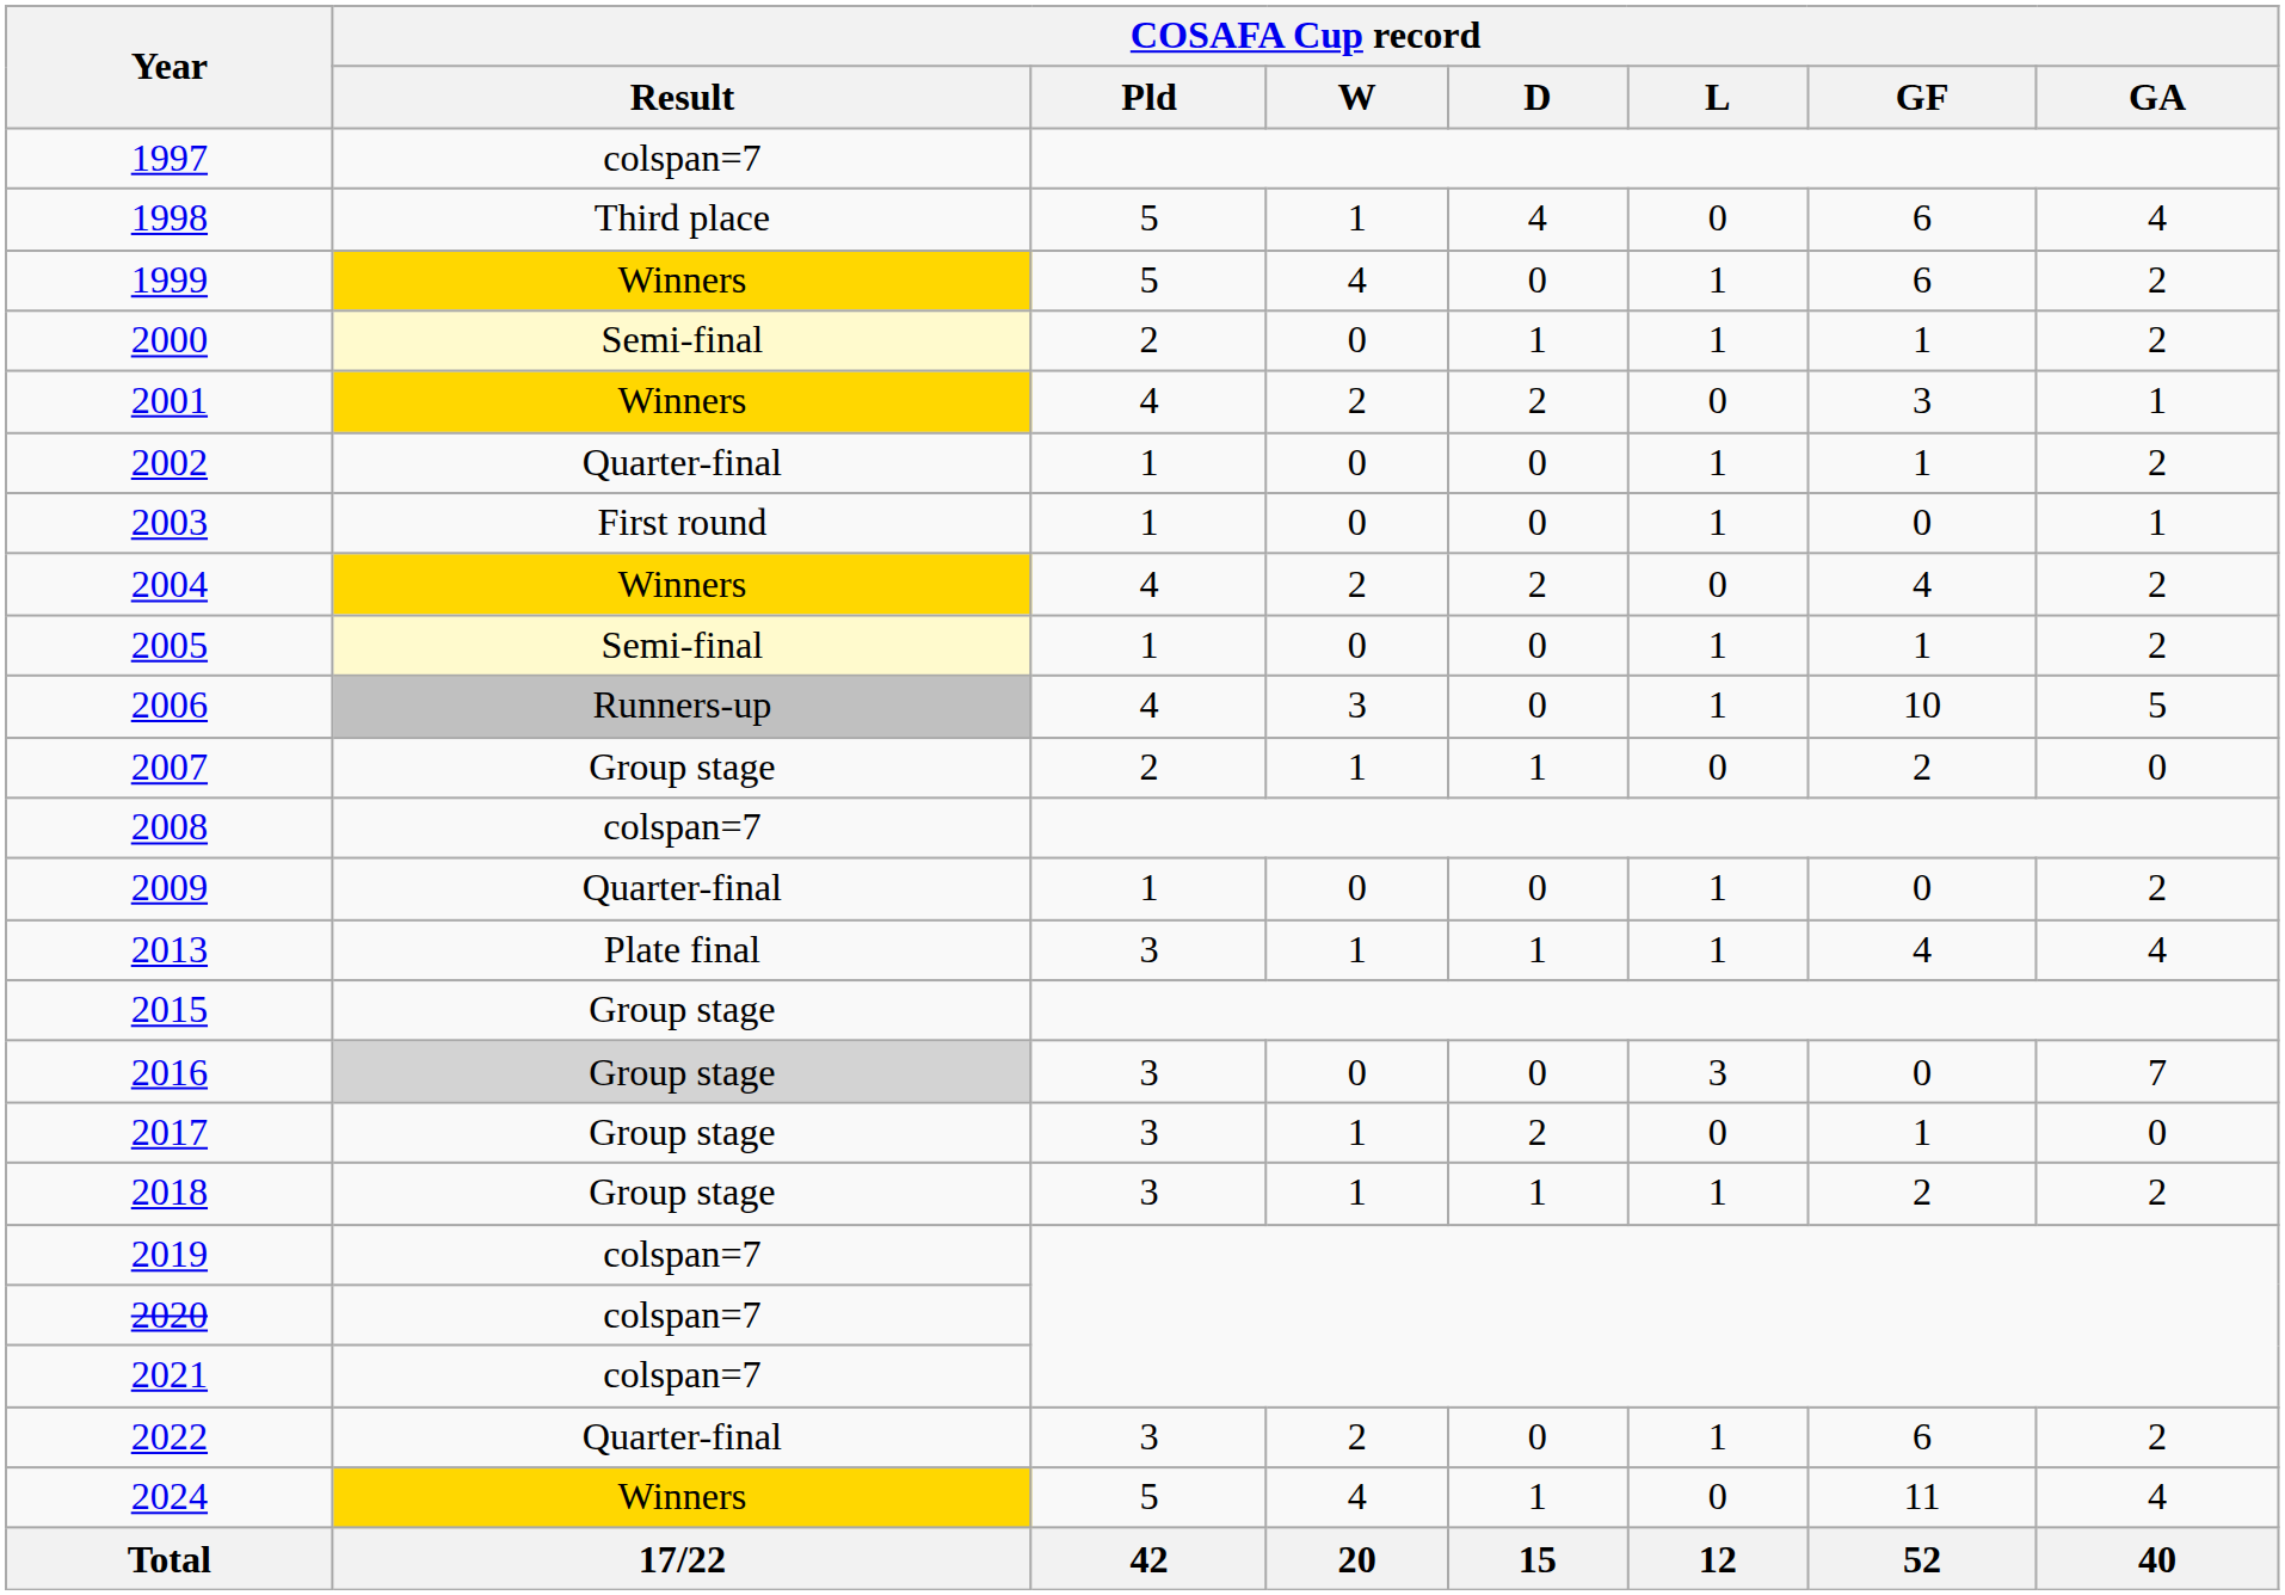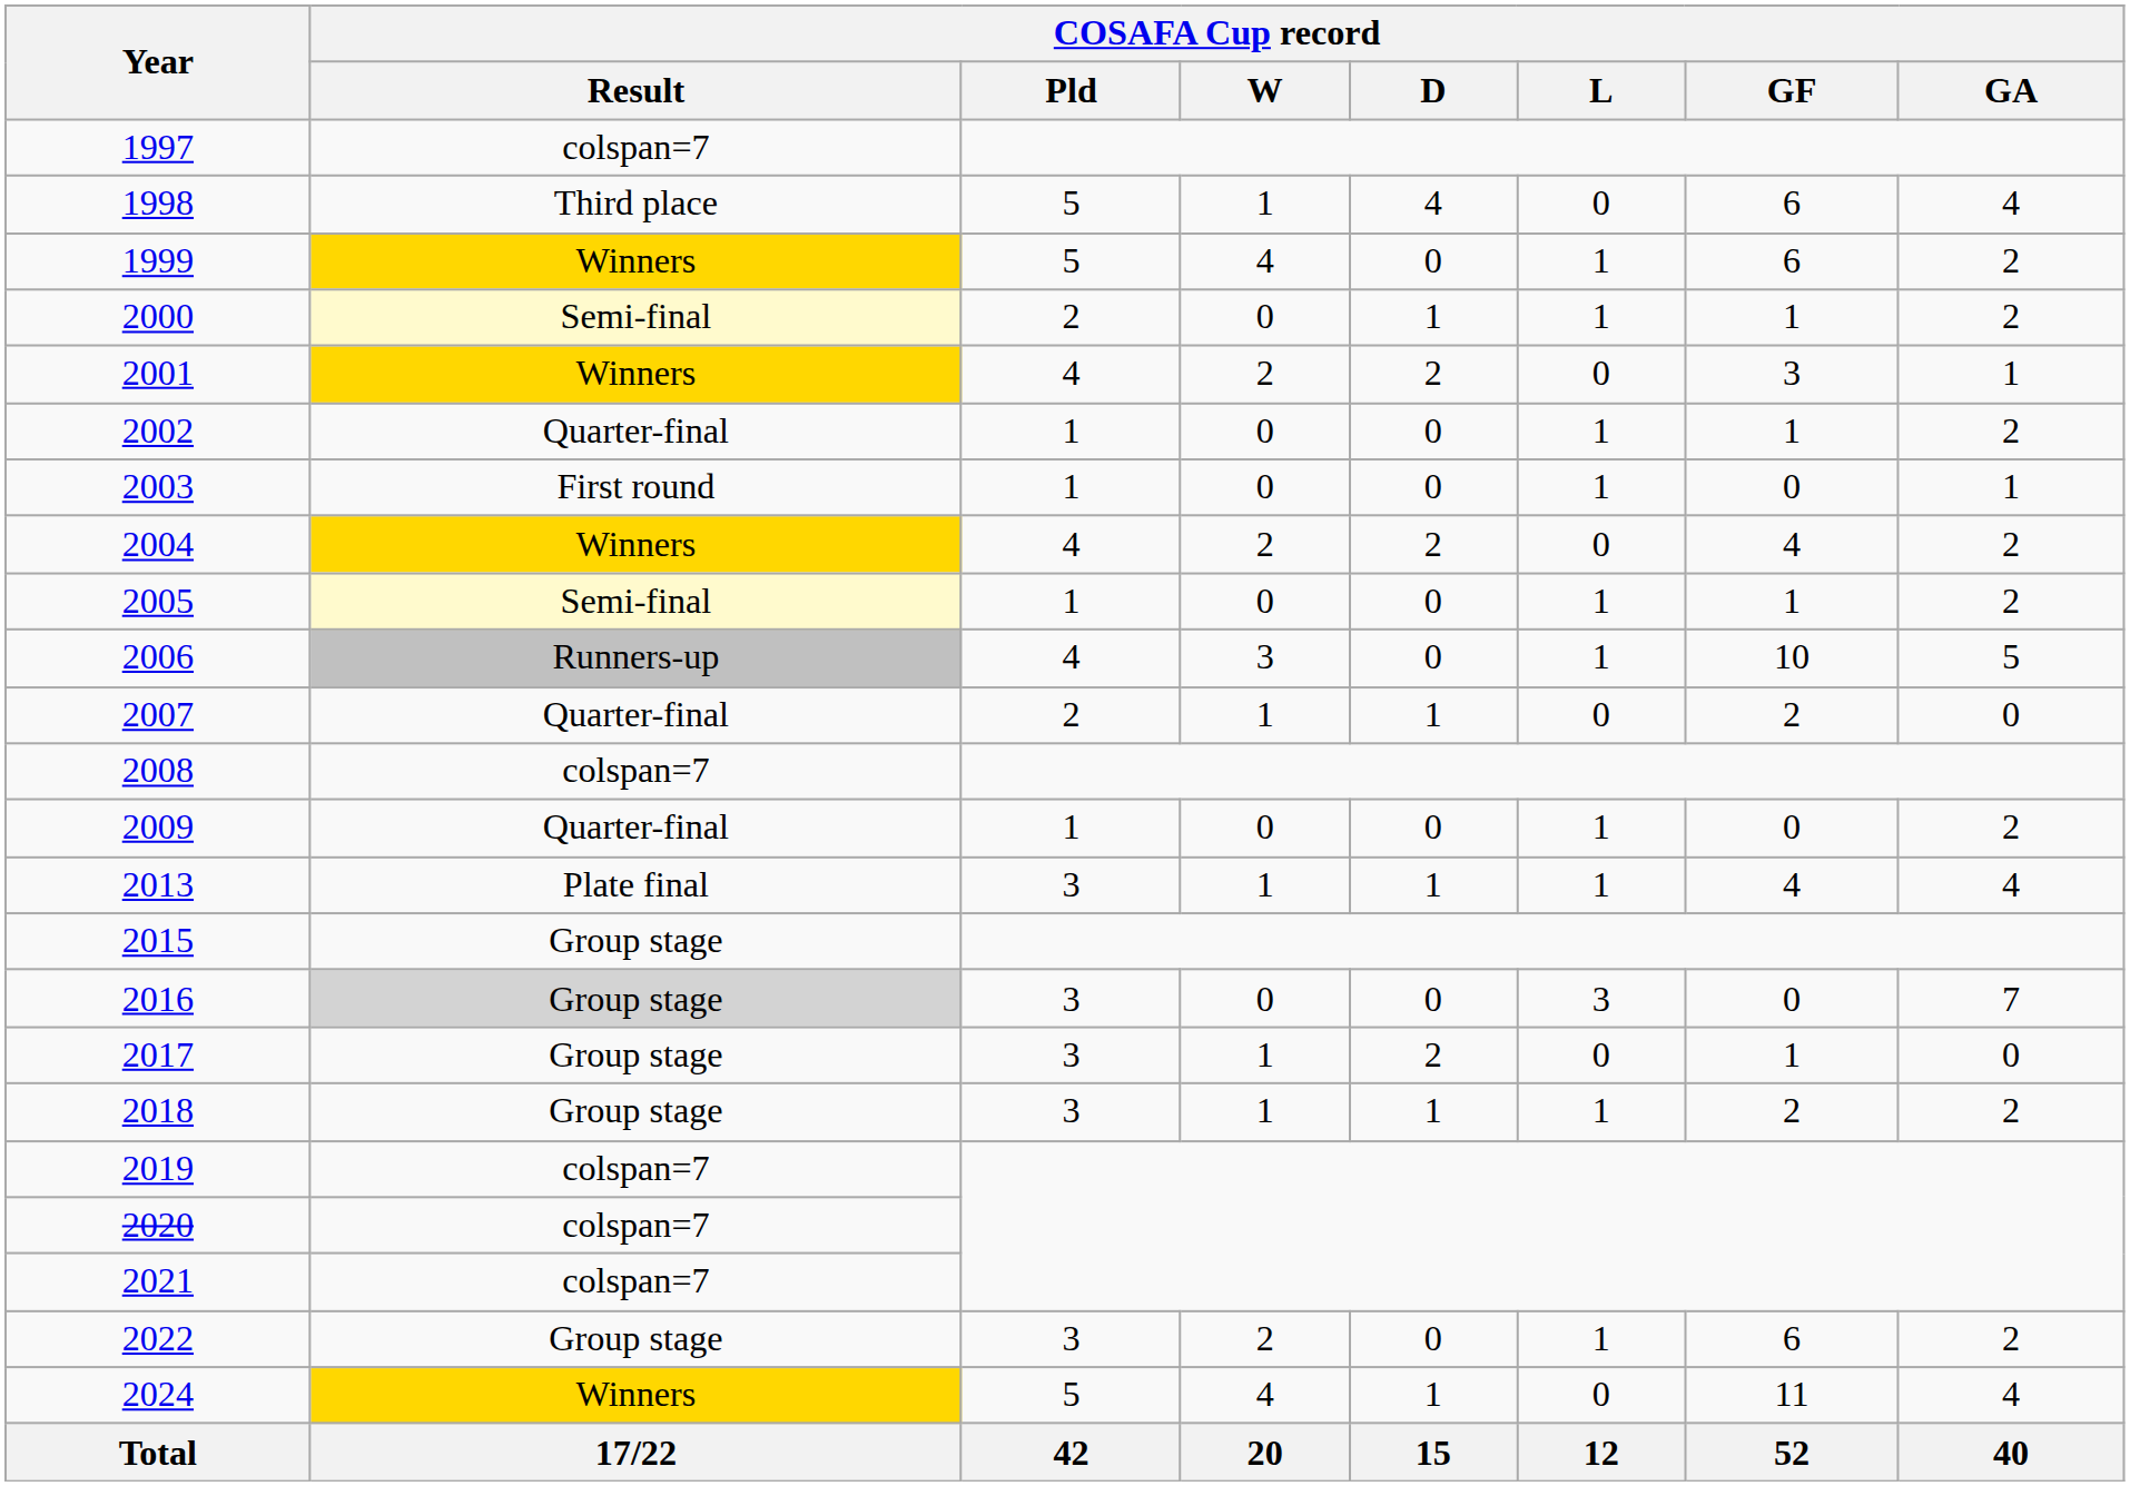 <table class="wikitable" style="text-align: center; width:75%;">
 <tr>
 <th rowspan="2">Year</th>
 <th colspan="7"><a href='#'>COSAFA Cup</a> record</th>
 </tr>
 <tr>
 <th>Result</th>
 <th>Pld</th>
 <th>W</th>
 <th>D</th>
 <th>L</th>
 <th>GF</th>
 <th>GA</th>
 </tr>
 <tr>
 <td><a href='#'>1997</a></td>
 <td>colspan=7 </td>
 </tr>
 <tr>
 <td><a href='#'>1998</a></td>
 <td style="background:bronze">Third place</td>
 <td>5</td>
 <td>1</td>
 <td>4</td>
 <td>0</td>
 <td>6</td>
 <td>4</td>
 </tr>
 <tr>
 <td><a href='#'>1999</a></td>
 <td style="background:gold">Winners</td>
 <td>5</td>
 <td>4</td>
 <td>0</td>
 <td>1</td>
 <td>6</td>
 <td>2</td>
 </tr>
 <tr>
 <td><a href='#'>2000</a></td>
 <td style="background:LemonChiffon">Semi-final</td>
 <td>2</td>
 <td>0</td>
 <td>1</td>
 <td>1</td>
 <td>1</td>
 <td>2</td>
 </tr>
 <tr>
 <td><a href='#'>2001</a></td>
 <td style="background:gold">Winners</td>
 <td>4</td>
 <td>2</td>
 <td>2</td>
 <td>0</td>
 <td>3</td>
 <td>1</td>
 </tr>
 <tr>
 <td><a href='#'>2002</a></td>
 <td>Quarter-final</td>
 <td>1</td>
 <td>0</td>
 <td>0</td>
 <td>1</td>
 <td>1</td>
 <td>2</td>
 </tr>
 <tr>
 <td><a href='#'>2003</a></td>
 <td>First round</td>
 <td>1</td>
 <td>0</td>
 <td>0</td>
 <td>1</td>
 <td>0</td>
 <td>1</td>
 </tr>
 <tr>
 <td><a href='#'>2004</a></td>
 <td style="background:gold">Winners</td>
 <td>4</td>
 <td>2</td>
 <td>2</td>
 <td>0</td>
 <td>4</td>
 <td>2</td>
 </tr>
 <tr>
 <td><a href='#'>2005</a></td>
 <td style="background:LemonChiffon">Semi-final</td>
 <td>1</td>
 <td>0</td>
 <td>0</td>
 <td>1</td>
 <td>1</td>
 <td>2</td>
 </tr>
 <tr>
 <td><a href='#'>2006</a></td>
 <td style="background:silver">Runners-up</td>
 <td>4</td>
 <td>3</td>
 <td>0</td>
 <td>1</td>
 <td>10</td>
 <td>5</td>
 </tr>
 <tr>
 <td><a href='#'>2007</a></td>
-<td>Group stage</td>
+<td>Quarter-final</td>
 <td>2</td>
 <td>1</td>
 <td>1</td>
 <td>0</td>
 <td>2</td>
 <td>0</td>
 </tr>
 <tr>
 <td> <a href='#'>2008</a></td>
 <td>colspan=7 </td>
 </tr>
 <tr>
 <td> <a href='#'>2009</a></td>
 <td>Quarter-final</td>
 <td>1</td>
 <td>0</td>
 <td>0</td>
 <td>1</td>
 <td>0</td>
 <td>2</td>
 </tr>
 <tr>
 <td> <a href='#'>2013</a></td>
 <td>Plate final</td>
 <td>3</td>
 <td>1</td>
 <td>1</td>
 <td>1</td>
 <td>4</td>
 <td>4</td>
 </tr>
 <tr>
 <td> <a href='#'>2015</a></td>
 <td>Group stage</td>
 </tr>
 <tr>
 <td> <a href='#'>2016</a></td>
 <td style="background: lightgrey;">Group stage</td>
 <td>3</td>
 <td>0</td>
 <td>0</td>
 <td>3</td>
 <td>0</td>
 <td>7</td>
 </tr>
 <tr>
 <td> <a href='#'>2017</a></td>
 <td>Group stage</td>
 <td>3</td>
 <td>1</td>
 <td>2</td>
 <td>0</td>
 <td>1</td>
 <td>0</td>
 </tr>
 <tr>
 <td> <a href='#'>2018</a></td>
 <td>Group stage</td>
 <td>3</td>
 <td>1</td>
 <td>1</td>
 <td>1</td>
 <td>2</td>
 <td>2</td>
 </tr>
 <tr>
 <td> <a href='#'>2019</a></td>
 <td>colspan=7 </td>
 </tr>
 <tr>
 <td> <a href='#'><s>2020</s></a></td>
 <td>colspan=7 </td>
 </tr>
 <tr>
 <td> <a href='#'>2021</a></td>
 <td>colspan=7 </td>
 </tr>
 <tr>
 <td> <a href='#'>2022</a></td>
-<td>Quarter-final</td>
+<td>Group stage</td>
 <td>3</td>
 <td>2</td>
 <td>0</td>
 <td>1</td>
 <td>6</td>
 <td>2</td>
 </tr>
 <tr>
 <td> <a href='#'>2024</a></td>
 <td style="background:gold">Winners</td>
 <td>5</td>
 <td>4</td>
 <td>1</td>
 <td>0</td>
 <td>11</td>
 <td>4</td>
 </tr>
 <tr>
 <th>Total</th>
 <th>17/22</th>
 <th>42</th>
 <th>20</th>
 <th>15</th>
 <th>12</th>
 <th>52</th>
 <th>40</th>
 </tr>
 </table>
